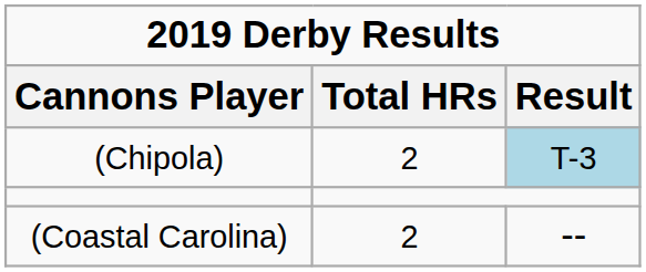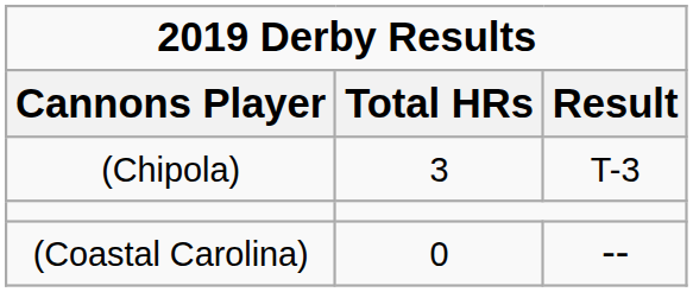 <table class="wikitable" style="text-align:center">
 <tr>
 <td colspan="6"><strong>2019 Derby Results</strong></td>
 </tr>
 <tr>
 <th>Cannons Player</th>
 <th>Total HRs</th>
 <th>Result</th>
 </tr>
 <tr>
 <td><small> (Chipola)</small></td>
-<td><small>2</small></td>
-<td style="background: lightblue;"><small>T-3</small></td>
+<td><small>3</small></td>
+<td><small>T-3</small></td>
 </tr>
 <tr>
 <td></td>
 </tr>
 <tr>
 <td><small> (Coastal Carolina)</small></td>
-<td><small>2</small></td>
+<td><small>0</small></td>
 <td>--</td>
 </tr>
 </table>
